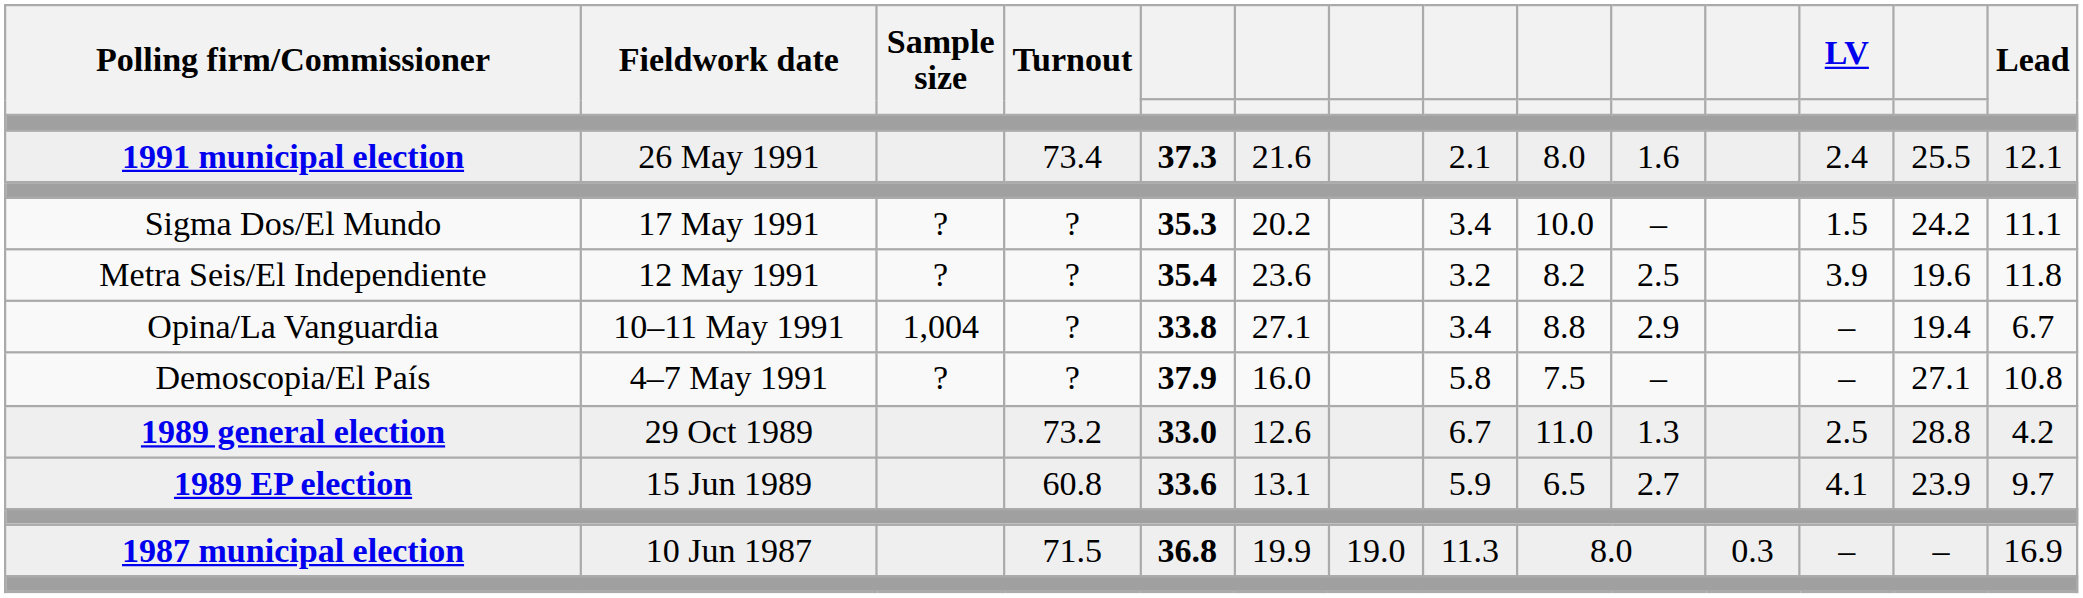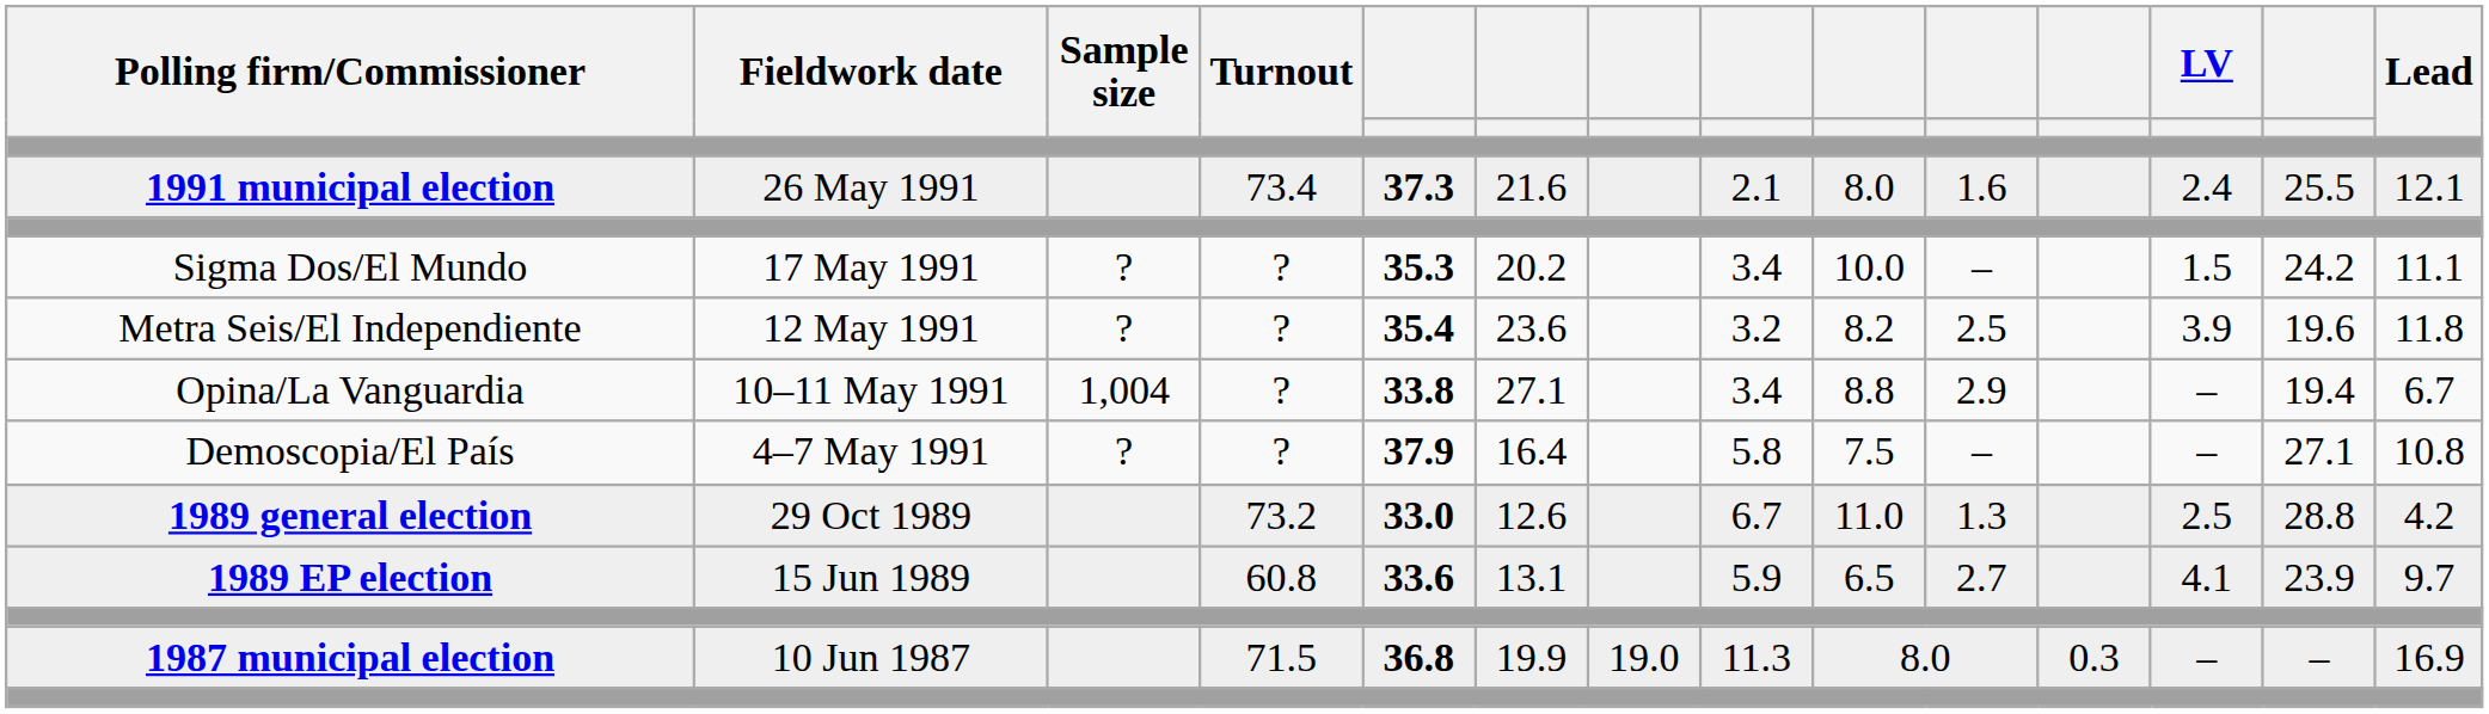 <table class="wikitable collapsible collapsed" style="text-align:center; font-size:95%; line-height:16px;">
 <tr style="height:42px;">
 <th style="width:250px;" rowspan="2">Polling firm/Commissioner</th>
 <th style="width:125px;" rowspan="2">Fieldwork date</th>
 <th style="width:50px;" rowspan="2">Sample size</th>
 <th style="width:45px;" rowspan="2">Turnout</th>
 <th style="width:35px;"></th>
 <th style="width:35px;"></th>
 <th style="width:35px;"></th>
 <th style="width:35px;"></th>
 <th style="width:35px;"></th>
 <th style="width:35px;"></th>
 <th style="width:35px;"></th>
 <th style="width:35px;"><a href='#'>LV</a></th>
 <th style="width:35px;"></th>
 <th style="width:30px;" rowspan="2">Lead</th>
 </tr>
 <tr>
 <th style="color:inherit;background:"></th>
 <th style="color:inherit;background:"></th>
 <th style="color:inherit;background:"></th>
 <th style="color:inherit;background:"></th>
 <th style="color:inherit;background:"></th>
 <th style="color:inherit;background:"></th>
 <th style="color:inherit;background:"></th>
 <th style="color:inherit;background:"></th>
 <th style="color:inherit;background:"></th>
 </tr>
 <tr>
 <td colspan="14" style="background:#A0A0A0"></td>
 </tr>
 <tr style="background:#EFEFEF;">
 <td><strong><a href='#'>1991 municipal election</a></strong></td>
 <td>26 May 1991</td>
 <td></td>
 <td>73.4</td>
 <td><strong>37.3</strong><br></td>
 <td>21.6<br></td>
 <td></td>
 <td>2.1<br></td>
 <td>8.0<br></td>
 <td>1.6<br></td>
 <td></td>
 <td>2.4<br></td>
 <td>25.5<br></td>
 <td style="background:">12.1</td>
 </tr>
 <tr>
 <td colspan="14" style="background:#A0A0A0"></td>
 </tr>
 <tr>
 <td>Sigma Dos/El Mundo</td>
 <td>17 May 1991</td>
 <td>?</td>
 <td>?</td>
 <td><strong>35.3</strong><br></td>
 <td>20.2<br></td>
 <td></td>
 <td>3.4<br></td>
 <td>10.0<br></td>
 <td>–</td>
 <td></td>
 <td>1.5<br></td>
 <td>24.2<br></td>
 <td style="background:">11.1</td>
 </tr>
 <tr>
 <td>Metra Seis/El Independiente</td>
 <td>12 May 1991</td>
 <td>?</td>
 <td>?</td>
 <td><strong>35.4</strong><br></td>
 <td>23.6<br></td>
 <td></td>
 <td>3.2<br></td>
 <td>8.2<br></td>
 <td>2.5<br></td>
 <td></td>
 <td>3.9<br></td>
 <td>19.6<br></td>
 <td style="background:">11.8</td>
 </tr>
 <tr>
 <td>Opina/La Vanguardia</td>
 <td>10–11 May 1991</td>
 <td>1,004</td>
 <td>?</td>
 <td><strong>33.8</strong><br></td>
 <td>27.1<br></td>
 <td></td>
 <td>3.4<br></td>
 <td>8.8<br></td>
 <td>2.9<br></td>
 <td></td>
 <td>–</td>
 <td>19.4<br></td>
 <td style="background:">6.7</td>
 </tr>
 <tr>
 <td>Demoscopia/El País</td>
 <td>4–7 May 1991</td>
 <td>?</td>
 <td>?</td>
 <td><strong>37.9</strong><br></td>
-<td>16.0<br></td>
+<td>16.4<br></td>
 <td></td>
 <td>5.8<br></td>
 <td>7.5<br></td>
 <td>–</td>
 <td></td>
 <td>–</td>
 <td>27.1<br></td>
 <td style="background:">10.8</td>
 </tr>
 <tr style="background:#EFEFEF;">
 <td><strong><a href='#'>1989 general election</a></strong></td>
 <td>29 Oct 1989</td>
 <td></td>
 <td>73.2</td>
 <td><strong>33.0</strong><br></td>
 <td>12.6<br></td>
 <td></td>
 <td>6.7<br></td>
 <td>11.0<br></td>
 <td>1.3<br></td>
 <td></td>
 <td>2.5<br></td>
 <td>28.8<br></td>
 <td style="background:">4.2</td>
 </tr>
 <tr style="background:#EFEFEF;">
 <td><strong><a href='#'>1989 EP election</a></strong></td>
 <td>15 Jun 1989</td>
 <td></td>
 <td>60.8</td>
 <td><strong>33.6</strong><br></td>
 <td>13.1<br></td>
 <td></td>
 <td>5.9<br></td>
 <td>6.5<br></td>
 <td>2.7<br></td>
 <td></td>
 <td>4.1<br></td>
 <td>23.9<br></td>
 <td style="background:">9.7</td>
 </tr>
 <tr>
 <td colspan="14" style="background:#A0A0A0"></td>
 </tr>
 <tr style="background:#EFEFEF;">
 <td><strong><a href='#'>1987 municipal election</a></strong></td>
 <td>10 Jun 1987</td>
 <td></td>
 <td>71.5</td>
 <td><strong>36.8</strong><br></td>
 <td>19.9<br></td>
 <td>19.0<br></td>
 <td>11.3<br></td>
 <td colspan="2">8.0<br></td>
 <td>0.3<br></td>
 <td>–</td>
 <td>–</td>
 <td style="background:">16.9</td>
 </tr>
 <tr>
 <td colspan="14" style="background:#A0A0A0"></td>
 </tr>
 </table>
